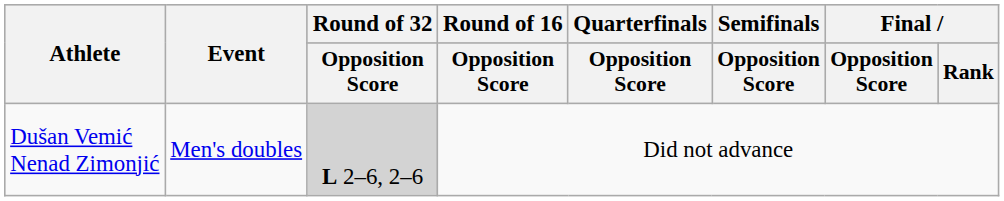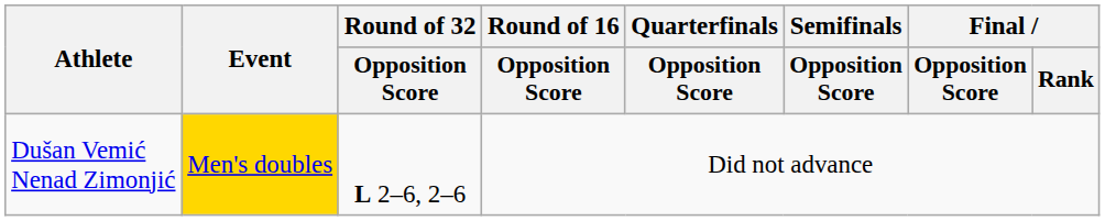 <table class=wikitable style="font-size:90%">
 <tr>
 <th rowspan="2">Athlete</th>
 <th rowspan="2">Event</th>
 <th>Round of 32</th>
 <th>Round of 16</th>
 <th>Quarterfinals</th>
 <th>Semifinals</th>
 <th colspan=2>Final / </th>
 </tr>
 <tr style="font-size:95%">
 <th>Opposition<br>Score</th>
 <th>Opposition<br>Score</th>
 <th>Opposition<br>Score</th>
 <th>Opposition<br>Score</th>
 <th>Opposition<br>Score</th>
 <th>Rank</th>
 </tr>
 <tr>
 <td align=left><a href='#'>Dušan Vemić</a><br> <a href='#'>Nenad Zimonjić</a></td>
-<td align=left><a href='#'>Men's doubles</a></td>
-<td align=center style="background: lightgrey;"><br> <br> <strong>L</strong> 2–6, 2–6</td>
+<td align=left style="background: gold;"><a href='#'>Men's doubles</a></td>
+<td align=center><br> <br> <strong>L</strong> 2–6, 2–6</td>
 <td align=center colspan=5>Did not advance</td>
 </tr>
 </table>
